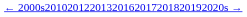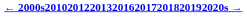 <table id="toc" class="toc" summary="Contents">
 <tr>
 <th></th>
 </tr>
 <tr>
-<td align="center"><a href='#'>← 2000s</a><a href='#'>2010</a><a href='#'>2012</a><a href='#'>2013</a><a href='#'>2016</a><a href='#'>2017</a><a href='#'>2018</a><a href='#'>2019</a><a href='#'>2020s →</a></td>
+<td align="center"><strong><a href='#'>← 2000s</a><a href='#'>2010</a><a href='#'>2012</a><a href='#'>2013</a><a href='#'>2016</a><a href='#'>2017</a><a href='#'>2018</a><a href='#'>2019</a><a href='#'>2020s →</a></strong></td>
 </tr>
 </table>
